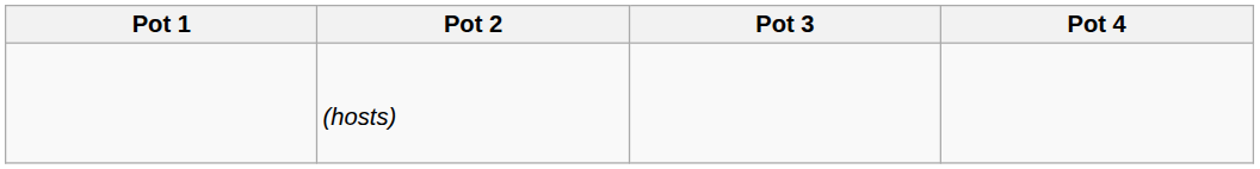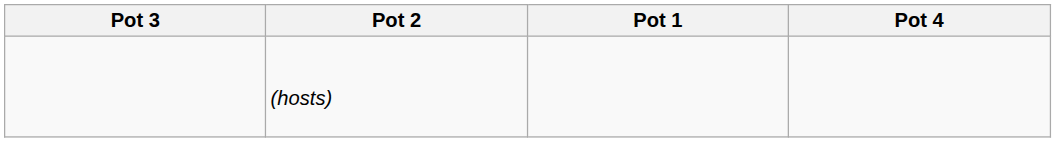 <table class="wikitable">
 <tr>
+<th width=200px>Pot 3</th>
+<th width=200px>Pot 2</th>
 <th width=200px>Pot 1</th>
-<th width=200px>Pot 2</th>
-<th width=200px>Pot 3</th>
 <th width=200px>Pot 4</th>
 </tr>
 <tr>
 <td><br> <br>  <br>  <br> </td>
 <td><br> <br>  <em>(hosts)</em> <br>  <br> </td>
 <td><br> <br>  <br>  <br> </td>
 <td><br> <br>  <br> </td>
 </tr>
 </table>
